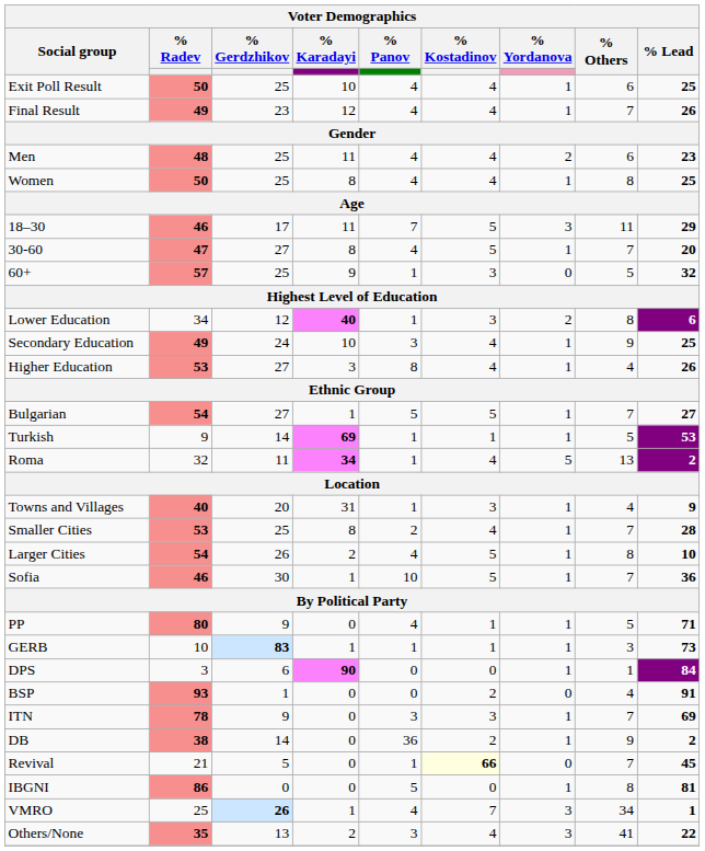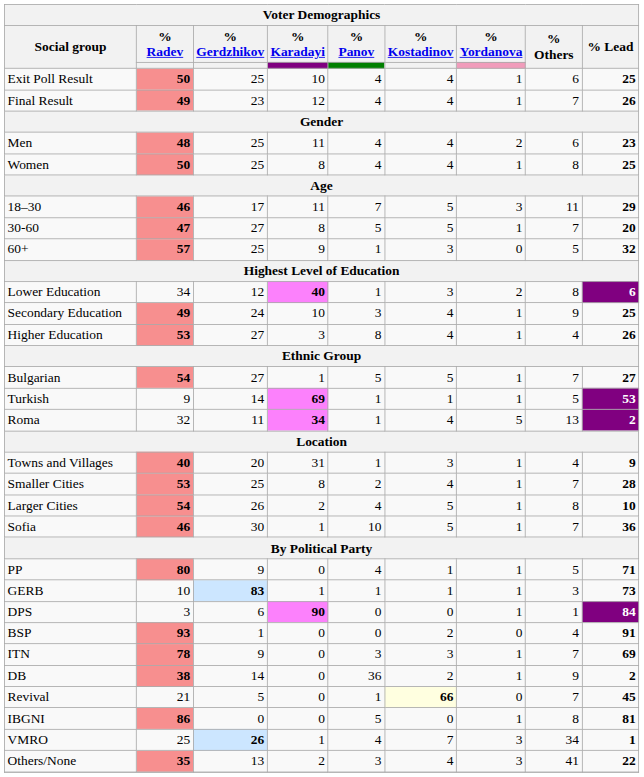 <table class=wikitable>
 <tr>
 <th colspan="10">Voter Demographics</th>
 </tr>
 <tr>
 <th style="width:150px;" rowspan="2">Social group</th>
 <th style="width:60px;" class="unsortable">% <a href='#'>Radev</a></th>
 <th style="width:60px;" class="unsortable">% <a href='#'>Gerdzhikov</a></th>
 <th style="width:60px;" class="unsortable">% <a href='#'>Karadayi</a></th>
 <th style="width:60px;" class="unsortable">% <a href='#'>Panov</a></th>
 <th style="width:60px;" class="unsortable">% <a href='#'>Kostadinov</a></th>
 <th style="width:60px;" class="unsortable">% <a href='#'>Yordanova</a></th>
 <th style="width:60px;" rowspan="2" class="unsortable">% Others</th>
 <th style="width:60px;" rowspan="2" class="unsortable">% Lead</th>
 </tr>
 <tr>
 <th class="unsortable" style="color:inherit;background:"></th>
 <th class="unsortable" style="color:inherit;background:"></th>
 <th class="unsortable" style="color:inherit;background:#800080;  width:60px;"></th>
 <th class="unsortable" style="color:inherit;background:#008000;  width:60px;"></th>
 <th class="unsortable" style="color:inherit;background:"></th>
 <th class="unsortable" style="color:inherit;background:#F19CBB;  width:60px;"></th>
 </tr>
 <tr>
 <td>Exit Poll Result</td>
 <td style="text-align:right; background:#F78F8F;"><strong>50</strong></td>
 <td style="text-align:right;">25</td>
 <td style="text-align:right;">10</td>
 <td style="text-align:right;">4</td>
 <td style="text-align:right;">4</td>
 <td style="text-align:right;">1</td>
 <td style="text-align:right;">6</td>
 <td style="text-align:right; background:"><strong>25</strong></td>
 </tr>
 <tr>
 <td>Final Result</td>
 <td style="text-align:right; background:#F78F8F;"><strong>49</strong></td>
 <td style="text-align:right;">23</td>
 <td style="text-align:right;">12</td>
 <td style="text-align:right;">4</td>
 <td style="text-align:right;">4</td>
 <td style="text-align:right;">1</td>
 <td style="text-align:right;">7</td>
 <td style="text-align:right; background:"><strong>26</strong></td>
 </tr>
 <tr>
 <th colspan=10>Gender</th>
 </tr>
 <tr>
 <td>Men</td>
 <td style="text-align:right; background:#F78F8F;"><strong>48</strong></td>
 <td style="text-align:right;">25</td>
 <td style="text-align:right;">11</td>
 <td style="text-align:right;">4</td>
 <td style="text-align:right;">4</td>
 <td style="text-align:right;">2</td>
 <td style="text-align:right;">6</td>
 <td style="text-align:right; background:"><strong>23</strong></td>
 </tr>
 <tr>
 <td>Women</td>
 <td style="text-align:right; background:#F78F8F;"><strong>50</strong></td>
 <td style="text-align:right;">25</td>
 <td style="text-align:right;">8</td>
 <td style="text-align:right;">4</td>
 <td style="text-align:right;">4</td>
 <td style="text-align:right;">1</td>
 <td style="text-align:right;">8</td>
 <td style="text-align:right; background:"><strong>25</strong></td>
 </tr>
 <tr>
 <th colspan=10>Age</th>
 </tr>
 <tr>
 <td>18–30</td>
 <td style="text-align:right; background:#F78F8F;"><strong>46</strong></td>
 <td style="text-align:right;">17</td>
 <td style="text-align:right;">11</td>
 <td style="text-align:right;">7</td>
 <td style="text-align:right;">5</td>
 <td style="text-align:right;">3</td>
 <td style="text-align:right;">11</td>
 <td style="text-align:right; background:"><strong>29</strong></td>
 </tr>
 <tr>
 <td>30-60</td>
 <td style="text-align:right; background:#F78F8F;"><strong>47</strong></td>
 <td style="text-align:right;">27</td>
 <td style="text-align:right;">8</td>
-<td style="text-align:right;">4</td>
+<td style="text-align:right;">5</td>
 <td style="text-align:right;">5</td>
 <td style="text-align:right;">1</td>
 <td style="text-align:right;">7</td>
 <td style="text-align:right; background:"><strong>20</strong></td>
 </tr>
 <tr>
 <td>60+</td>
 <td style="text-align:right; background:#F78F8F;"><strong>57</strong></td>
 <td style="text-align:right;">25</td>
 <td style="text-align:right;">9</td>
 <td style="text-align:right;">1</td>
 <td style="text-align:right;">3</td>
 <td style="text-align:right;">0</td>
 <td style="text-align:right;">5</td>
 <td style="text-align:right; background:"><strong>32</strong></td>
 </tr>
 <tr>
 <th colspan=10>Highest Level of Education</th>
 </tr>
 <tr>
 <td>Lower Education</td>
 <td style="text-align:right;">34</td>
 <td style="text-align:right;">12</td>
 <td style="text-align:right; background:#FC81FC"><strong>40</strong></td>
 <td style="text-align:right;">1</td>
 <td style="text-align:right;">3</td>
 <td style="text-align:right;">2</td>
 <td style="text-align:right;">8</td>
 <td style="text-align:right; background:#800080; color:white;"><strong>6</strong></td>
 </tr>
 <tr>
 <td>Secondary Education</td>
 <td style="text-align:right; background:#F78F8F;"><strong>49</strong></td>
 <td style="text-align:right;">24</td>
 <td style="text-align:right;">10</td>
 <td style="text-align:right;">3</td>
 <td style="text-align:right;">4</td>
 <td style="text-align:right;">1</td>
 <td style="text-align:right;">9</td>
 <td style="text-align:right; background:"><strong>25</strong></td>
 </tr>
 <tr>
 <td>Higher Education</td>
 <td style="text-align:right; background:#F78F8F;"><strong>53</strong></td>
 <td style="text-align:right;">27</td>
 <td style="text-align:right;">3</td>
 <td style="text-align:right;">8</td>
 <td style="text-align:right;">4</td>
 <td style="text-align:right;">1</td>
 <td style="text-align:right;">4</td>
 <td style="text-align:right; background:"><strong>26</strong></td>
 </tr>
 <tr>
 <th colspan=10>Ethnic Group</th>
 </tr>
 <tr>
 <td>Bulgarian</td>
 <td style="text-align:right; background:#F78F8F;"><strong>54</strong></td>
 <td style="text-align:right;">27</td>
 <td style="text-align:right;">1</td>
 <td style="text-align:right;">5</td>
 <td style="text-align:right;">5</td>
 <td style="text-align:right;">1</td>
 <td style="text-align:right;">7</td>
 <td style="text-align:right; background:"><strong>27</strong></td>
 </tr>
 <tr>
 <td>Turkish</td>
 <td style="text-align:right;">9</td>
 <td style="text-align:right;">14</td>
 <td style="text-align:right; background:#FC81FC"><strong>69</strong></td>
 <td style="text-align:right;">1</td>
 <td style="text-align:right;">1</td>
 <td style="text-align:right;">1</td>
 <td style="text-align:right;">5</td>
 <td style="text-align:right; background:#800080; color:white;"><strong>53</strong></td>
 </tr>
 <tr>
 <td>Roma</td>
 <td style="text-align:right;">32</td>
 <td style="text-align:right;">11</td>
 <td style="text-align:right; background:#FC81FC"><strong>34</strong></td>
 <td style="text-align:right;">1</td>
 <td style="text-align:right;">4</td>
 <td style="text-align:right;">5</td>
 <td style="text-align:right;">13</td>
 <td style="text-align:right; background:#800080; color:white;"><strong>2</strong></td>
 </tr>
 <tr>
 <th colspan=10>Location</th>
 </tr>
 <tr>
 <td>Towns and Villages</td>
 <td style="text-align:right; background:#F78F8F;"><strong>40</strong></td>
 <td style="text-align:right;">20</td>
 <td style="text-align:right;">31</td>
 <td style="text-align:right;">1</td>
 <td style="text-align:right;">3</td>
 <td style="text-align:right;">1</td>
 <td style="text-align:right;">4</td>
 <td style="text-align:right; background:"><strong>9</strong></td>
 </tr>
 <tr>
 <td>Smaller Cities</td>
 <td style="text-align:right; background:#F78F8F;"><strong>53</strong></td>
 <td style="text-align:right;">25</td>
 <td style="text-align:right;">8</td>
 <td style="text-align:right;">2</td>
 <td style="text-align:right;">4</td>
 <td style="text-align:right;">1</td>
 <td style="text-align:right;">7</td>
 <td style="text-align:right; background:"><strong>28</strong></td>
 </tr>
 <tr>
 <td>Larger Cities</td>
 <td style="text-align:right; background:#F78F8F;"><strong>54</strong></td>
 <td style="text-align:right;">26</td>
 <td style="text-align:right;">2</td>
 <td style="text-align:right;">4</td>
 <td style="text-align:right;">5</td>
 <td style="text-align:right;">1</td>
 <td style="text-align:right;">8</td>
 <td style="text-align:right; background:"><strong>10</strong></td>
 </tr>
 <tr>
 <td>Sofia</td>
 <td style="text-align:right; background:#F78F8F;"><strong>46</strong></td>
 <td style="text-align:right;">30</td>
 <td style="text-align:right;">1</td>
 <td style="text-align:right;">10</td>
 <td style="text-align:right;">5</td>
 <td style="text-align:right;">1</td>
 <td style="text-align:right;">7</td>
 <td style="text-align:right; background:"><strong>36</strong></td>
 </tr>
 <tr>
 <th colspan=10>By Political Party</th>
 </tr>
 <tr>
 <td>PP</td>
 <td style="text-align:right; background:#F78F8F;"><strong>80</strong></td>
 <td style="text-align:right;">9</td>
 <td style="text-align:right;">0</td>
 <td style="text-align:right;">4</td>
 <td style="text-align:right;">1</td>
 <td style="text-align:right;">1</td>
 <td style="text-align:right;">5</td>
 <td style="text-align:right; background:"><strong>71</strong></td>
 </tr>
 <tr>
 <td>GERB</td>
 <td style="text-align:right;">10</td>
 <td style="text-align:right; background:#CCE6FF;"><strong>83</strong></td>
 <td style="text-align:right;">1</td>
 <td style="text-align:right;">1</td>
 <td style="text-align:right;">1</td>
 <td style="text-align:right;">1</td>
 <td style="text-align:right;">3</td>
 <td style="text-align:right; background:"><strong>73</strong></td>
 </tr>
 <tr>
 <td>DPS</td>
 <td style="text-align:right;">3</td>
 <td style="text-align:right;">6</td>
 <td style="text-align:right; background:#FC81FC"><strong>90</strong></td>
 <td style="text-align:right;">0</td>
 <td style="text-align:right;">0</td>
 <td style="text-align:right;">1</td>
 <td style="text-align:right;">1</td>
 <td style="text-align:right; background:#800080; color:white;"><strong>84</strong></td>
 </tr>
 <tr>
 <td>BSP</td>
 <td style="text-align:right; background:#F78F8F;"><strong>93</strong></td>
 <td style="text-align:right;">1</td>
 <td style="text-align:right;">0</td>
 <td style="text-align:right;">0</td>
 <td style="text-align:right;">2</td>
 <td style="text-align:right;">0</td>
 <td style="text-align:right;">4</td>
 <td style="text-align:right; background:"><strong>91</strong></td>
 </tr>
 <tr>
 <td>ITN</td>
 <td style="text-align:right; background:#F78F8F;"><strong>78</strong></td>
 <td style="text-align:right;">9</td>
 <td style="text-align:right;">0</td>
 <td style="text-align:right;">3</td>
 <td style="text-align:right;">3</td>
 <td style="text-align:right;">1</td>
 <td style="text-align:right;">7</td>
 <td style="text-align:right; background:"><strong>69</strong></td>
 </tr>
 <tr>
 <td>DB</td>
 <td style="text-align:right; background:#F78F8F;"><strong>38</strong></td>
 <td style="text-align:right;">14</td>
 <td style="text-align:right;">0</td>
 <td style="text-align:right;">36</td>
 <td style="text-align:right;">2</td>
 <td style="text-align:right;">1</td>
 <td style="text-align:right;">9</td>
 <td style="text-align:right; background:"><strong>2</strong></td>
 </tr>
 <tr>
 <td>Revival</td>
 <td style="text-align:right;">21</td>
 <td style="text-align:right;">5</td>
 <td style="text-align:right;">0</td>
 <td style="text-align:right;">1</td>
 <td style="text-align:right; background:#FFFFE0"><strong>66</strong></td>
 <td style="text-align:right;">0</td>
 <td style="text-align:right;">7</td>
 <td style="text-align:right; background:"><strong>45</strong></td>
 </tr>
 <tr>
 <td>IBGNI</td>
 <td style="text-align:right; background:#F78F8F;"><strong>86</strong></td>
 <td style="text-align:right;">0</td>
 <td style="text-align:right;">0</td>
 <td style="text-align:right;">5</td>
 <td style="text-align:right;">0</td>
 <td style="text-align:right;">1</td>
 <td style="text-align:right;">8</td>
 <td style="text-align:right; background:"><strong>81</strong></td>
 </tr>
 <tr>
 <td>VMRO</td>
 <td style="text-align:right;">25</td>
 <td style="text-align:right; background:#CCE6FF;"><strong>26</strong></td>
 <td style="text-align:right;">1</td>
 <td style="text-align:right;">4</td>
 <td style="text-align:right;">7</td>
 <td style="text-align:right;">3</td>
 <td style="text-align:right;">34</td>
 <td style="text-align:right; background:"><strong>1</strong></td>
 </tr>
 <tr>
 <td>Others/None</td>
 <td style="text-align:right; background:#F78F8F;"><strong>35</strong></td>
 <td style="text-align:right;">13</td>
 <td style="text-align:right;">2</td>
 <td style="text-align:right;">3</td>
 <td style="text-align:right;">4</td>
 <td style="text-align:right;">3</td>
 <td style="text-align:right;">41</td>
 <td style="text-align:right; background:"><strong>22</strong></td>
 </tr>
 <tr>
 </tr>
 </table>
